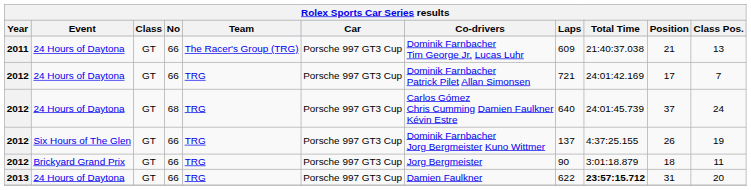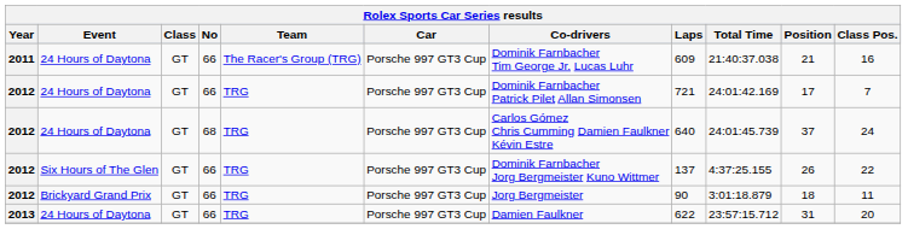 <table class="wikitable collapsible collapsed" style="font-size:90%">
 <tr>
 <th colspan="45"><a href='#'>Rolex Sports Car Series</a> results</th>
 </tr>
 <tr style="background:#abbbdd;">
 <th>Year</th>
 <th>Event</th>
 <th>Class</th>
 <th>No</th>
 <th>Team</th>
 <th>Car</th>
 <th>Co-drivers</th>
 <th>Laps</th>
 <th>Total Time</th>
 <th>Position</th>
 <th>Class Pos.</th>
 </tr>
 <tr>
 <th>2011</th>
 <td><a href='#'>24 Hours of Daytona</a></td>
 <td align="center">GT</td>
 <td align="center">66</td>
 <td>  <a href='#'>The Racer's Group (TRG)</a></td>
 <td>Porsche 997 GT3 Cup</td>
 <td> <a href='#'>Dominik Farnbacher</a><br> <a href='#'>Tim George Jr.</a>  <a href='#'>Lucas Luhr</a></td>
 <td>609</td>
 <td>21:40:37.038</td>
 <td align="center">21</td>
-<td align="center">13</td>
+<td align="center">16</td>
 </tr>
 <tr>
 <th>2012</th>
 <td><a href='#'>24 Hours of Daytona</a></td>
 <td align="center">GT</td>
 <td align="center">66</td>
 <td> <a href='#'>TRG</a></td>
 <td>Porsche 997 GT3 Cup</td>
 <td> <a href='#'>Dominik Farnbacher</a><br> <a href='#'>Patrick Pilet</a>  <a href='#'>Allan Simonsen</a></td>
 <td>721</td>
 <td>24:01:42.169</td>
 <td align="center">17</td>
 <td align="center">7</td>
 </tr>
 <tr>
 <th>2012</th>
 <td><a href='#'>24 Hours of Daytona</a></td>
 <td align="center">GT</td>
 <td align="center">68</td>
 <td> <a href='#'>TRG</a></td>
 <td>Porsche 997 GT3 Cup</td>
 <td> <a href='#'>Carlos Gómez</a><br> <a href='#'>Chris Cumming</a>  <a href='#'>Damien Faulkner</a><br> <a href='#'>Kévin Estre</a></td>
 <td>640</td>
 <td>24:01:45.739</td>
 <td align="center">37</td>
 <td align="center">24</td>
 </tr>
 <tr>
 <th>2012</th>
 <td><a href='#'>Six Hours of The Glen</a></td>
 <td align="center">GT</td>
 <td align="center">66</td>
 <td> <a href='#'>TRG</a></td>
 <td>Porsche 997 GT3 Cup</td>
 <td> <a href='#'>Dominik Farnbacher</a><br> <a href='#'>Jorg Bergmeister</a>  <a href='#'>Kuno Wittmer</a></td>
 <td>137</td>
 <td>4:37:25.155</td>
 <td align="center">26</td>
-<td align="center">19</td>
+<td align="center">22</td>
 </tr>
 <tr>
 <th>2012</th>
 <td><a href='#'>Brickyard Grand Prix</a></td>
 <td align="center">GT</td>
 <td align="center">66</td>
 <td> <a href='#'>TRG</a></td>
 <td>Porsche 997 GT3 Cup</td>
 <td> <a href='#'>Jorg Bergmeister</a></td>
 <td>90</td>
 <td>3:01:18.879</td>
 <td align="center">18</td>
 <td align="center">11</td>
 </tr>
 <tr>
 <th>2013</th>
 <td><a href='#'>24 Hours of Daytona</a></td>
 <td align="center">GT</td>
 <td align="center">66</td>
 <td> <a href='#'>TRG</a></td>
 <td>Porsche 997 GT3 Cup</td>
 <td> <a href='#'>Damien Faulkner</a></td>
 <td>622</td>
-<td><strong>23:57:15.712</strong></td>
+<td>23:57:15.712</td>
 <td align="center">31</td>
 <td align="center">20</td>
 </tr>
 <tr>
 </tr>
 </table>
